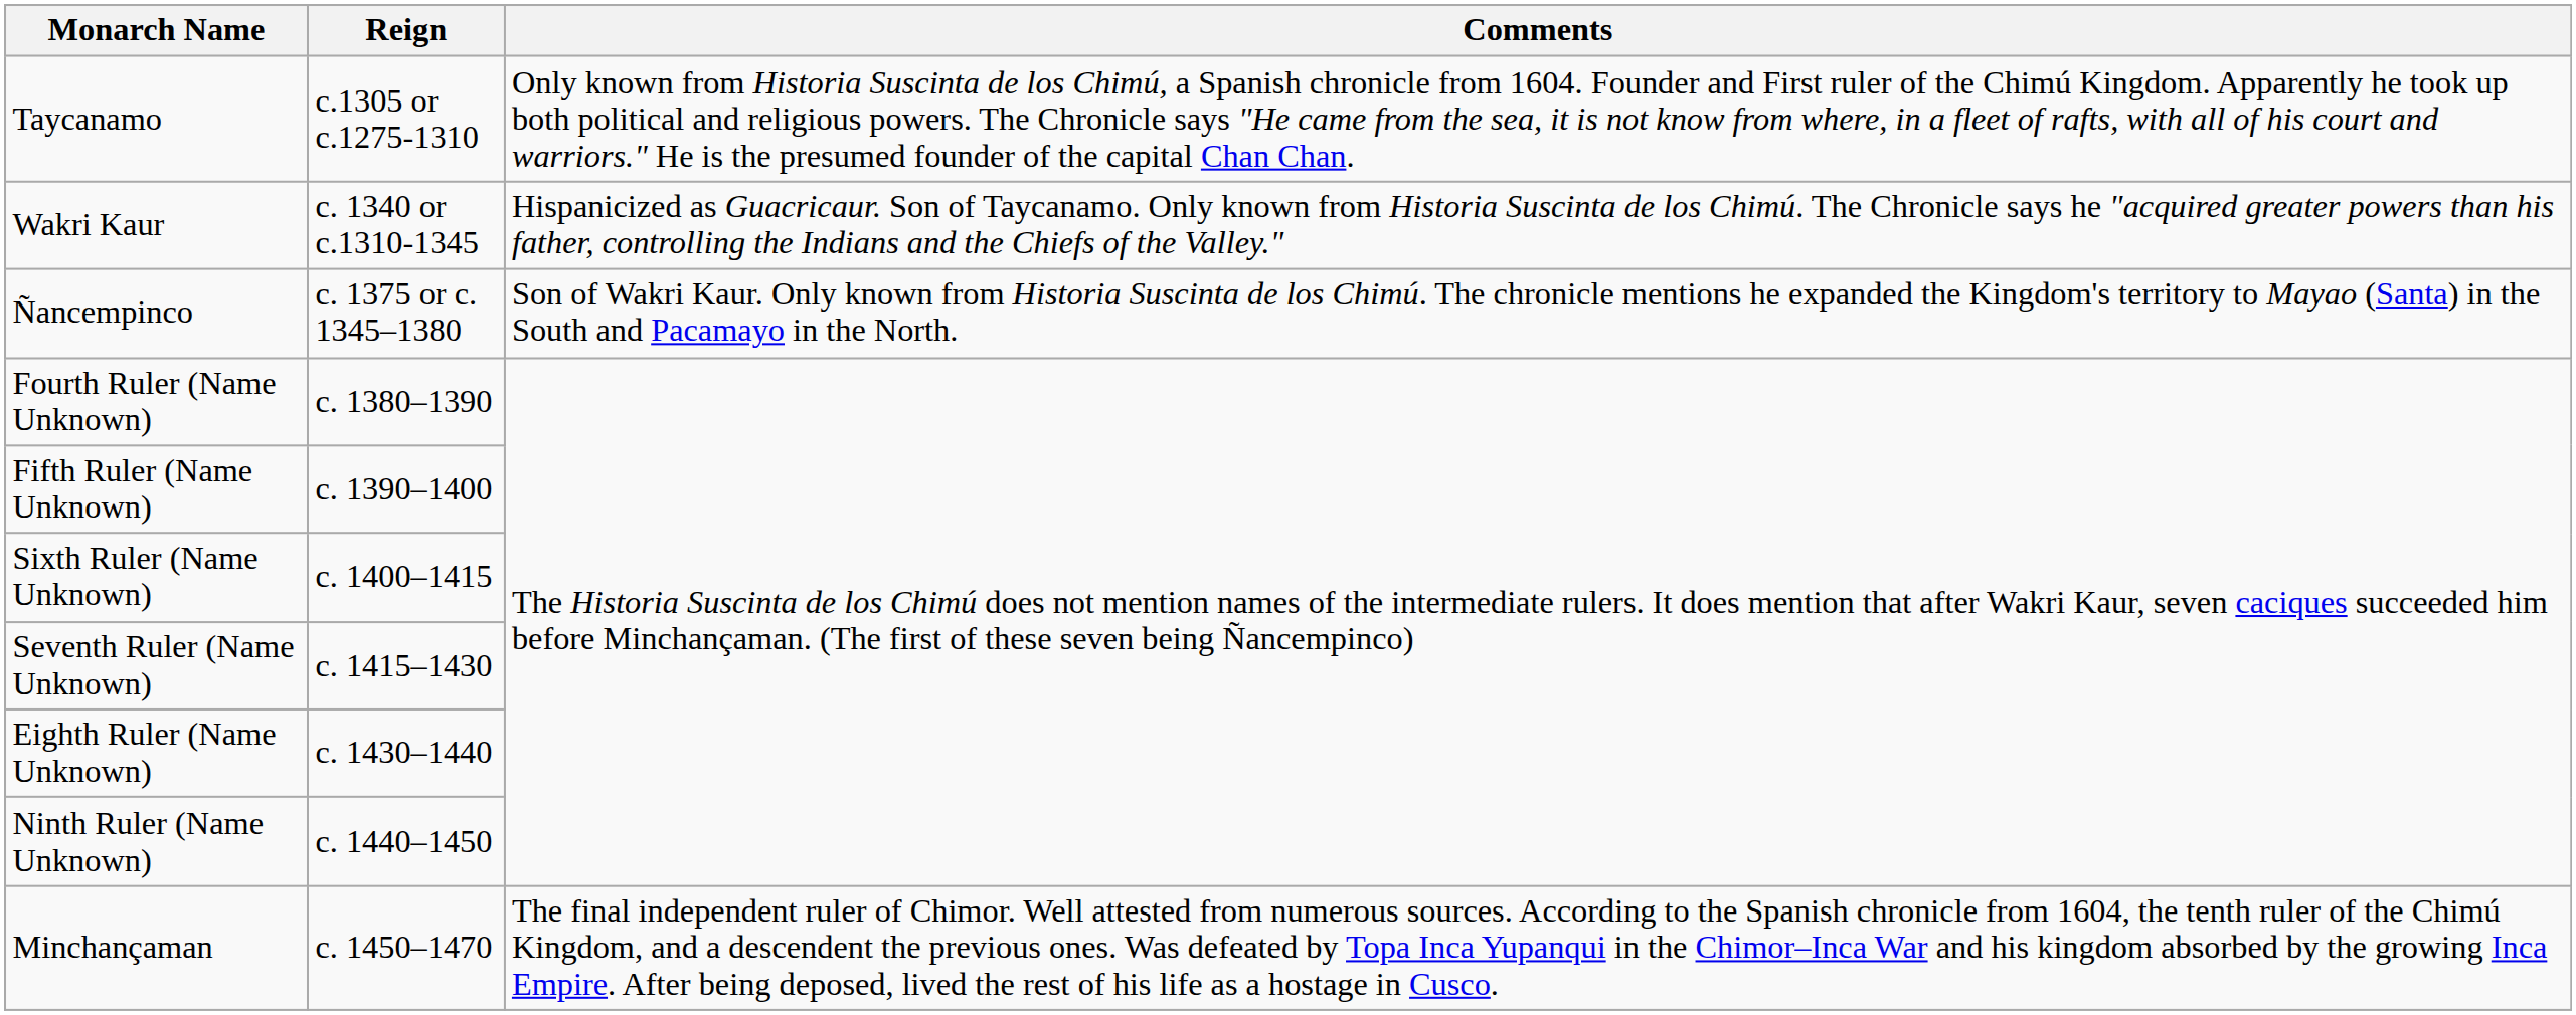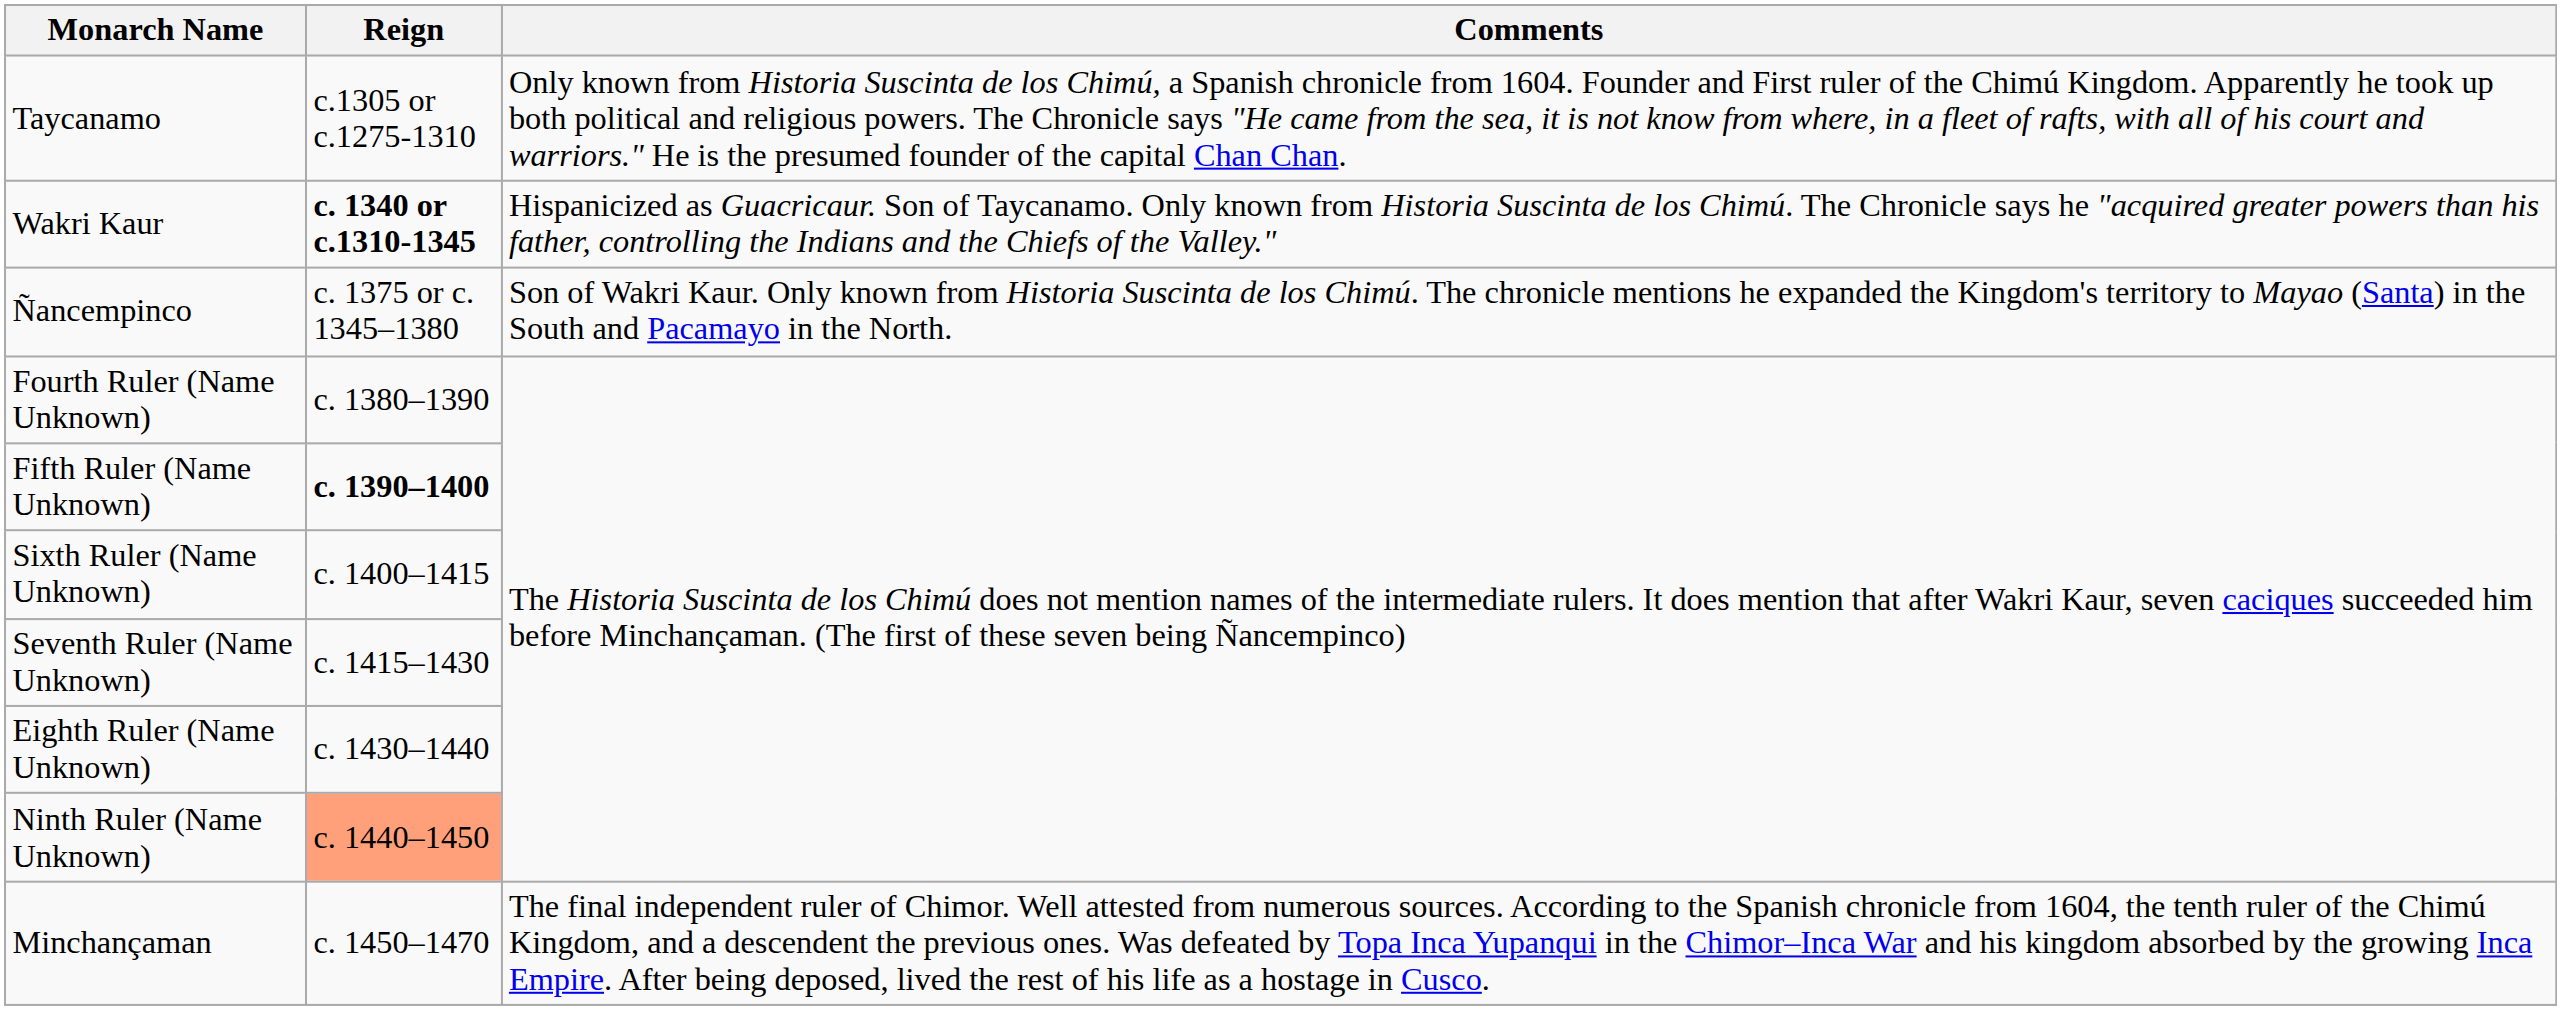 <table class="wikitable" width="100%">
 <tr>
 <th>Monarch Name</th>
 <th>Reign</th>
 <th>Comments</th>
 </tr>
 <tr>
 <td>Taycanamo</td>
 <td>c.1305 or c.1275-1310</td>
 <td>Only known from <em>Historia Suscinta de los Chimú,</em> a Spanish chronicle from 1604. Founder and First ruler of the Chimú Kingdom. Apparently he took up both political and religious powers. The Chronicle says <em>"He came from the sea, it is not know from where, in a fleet of rafts, with all of his court and warriors."</em> He is the presumed founder of the capital <a href='#'>Chan Chan</a>.</td>
 </tr>
 <tr>
 <td>Wakri Kaur</td>
-<td>c. 1340 or c.1310-1345</td>
+<td><strong>c. 1340 or c.1310-1345</strong></td>
 <td>Hispanicized as <em>Guacricaur.</em> Son of Taycanamo. Only known from <em>Historia Suscinta de los Chimú</em>. The Chronicle says he <em>"acquired greater powers than his father, controlling the Indians and the Chiefs of the Valley."</em></td>
 </tr>
 <tr>
 <td>Ñancempinco</td>
 <td>c. 1375 or c. 1345–1380</td>
 <td>Son of Wakri Kaur. Only known from <em>Historia Suscinta de los Chimú</em>. The chronicle mentions he expanded the Kingdom's territory to <em>Mayao</em> (<a href='#'>Santa</a>) in the South and <a href='#'>Pacamayo</a> in the North.</td>
 </tr>
 <tr>
 <td>Fourth Ruler (Name Unknown)</td>
 <td>c. 1380–1390</td>
 <td rowspan="6">The <em>Historia Suscinta de los Chimú</em> does not mention names of the intermediate rulers. It does mention that after Wakri Kaur, seven <a href='#'>caciques</a> succeeded him before Minchançaman. (The first of these seven being Ñancempinco)</td>
 </tr>
 <tr>
 <td>Fifth Ruler (Name Unknown)</td>
-<td>c. 1390–1400</td>
+<td><strong>c. 1390–1400</strong></td>
 </tr>
 <tr>
 <td>Sixth Ruler (Name Unknown)</td>
 <td>c. 1400–1415</td>
 </tr>
 <tr>
 <td>Seventh Ruler (Name Unknown)</td>
 <td>c. 1415–1430</td>
 </tr>
 <tr>
 <td>Eighth Ruler (Name Unknown)</td>
 <td>c. 1430–1440</td>
 </tr>
 <tr>
 <td>Ninth Ruler (Name Unknown)</td>
-<td>c. 1440–1450</td>
+<td style="background: lightsalmon;">c. 1440–1450</td>
 </tr>
 <tr>
 <td>Minchançaman</td>
 <td>c. 1450–1470</td>
 <td>The final independent ruler of Chimor. Well attested from numerous sources. According to the Spanish chronicle from 1604, the tenth ruler of the Chimú Kingdom, and a descendent the previous ones. Was defeated by <a href='#'>Topa Inca Yupanqui</a> in the <a href='#'>Chimor–Inca War</a> and his kingdom absorbed by the growing <a href='#'>Inca Empire</a>. After being deposed, lived the rest of his life as a hostage in <a href='#'>Cusco</a>.</td>
 </tr>
 </table>
